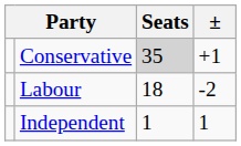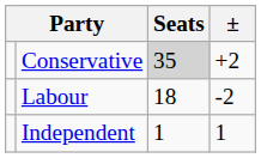 <table class="wikitable">
 <tr>
 <th colspan="2">Party</th>
 <th>Seats</th>
 <th>  ±  </th>
 </tr>
 <tr>
 <td style="background-color: "></td>
 <td><a href='#'>Conservative</a></td>
 <td style="background: lightgrey;">35</td>
-<td>+1</td>
+<td>+2</td>
 </tr>
 <tr>
 <td style="background-color: "></td>
 <td><a href='#'>Labour</a></td>
 <td>18</td>
 <td>-2</td>
 </tr>
 <tr>
 <td style="background-color: "></td>
 <td><a href='#'>Independent</a></td>
 <td>1</td>
 <td>1</td>
 </tr>
 </table>
